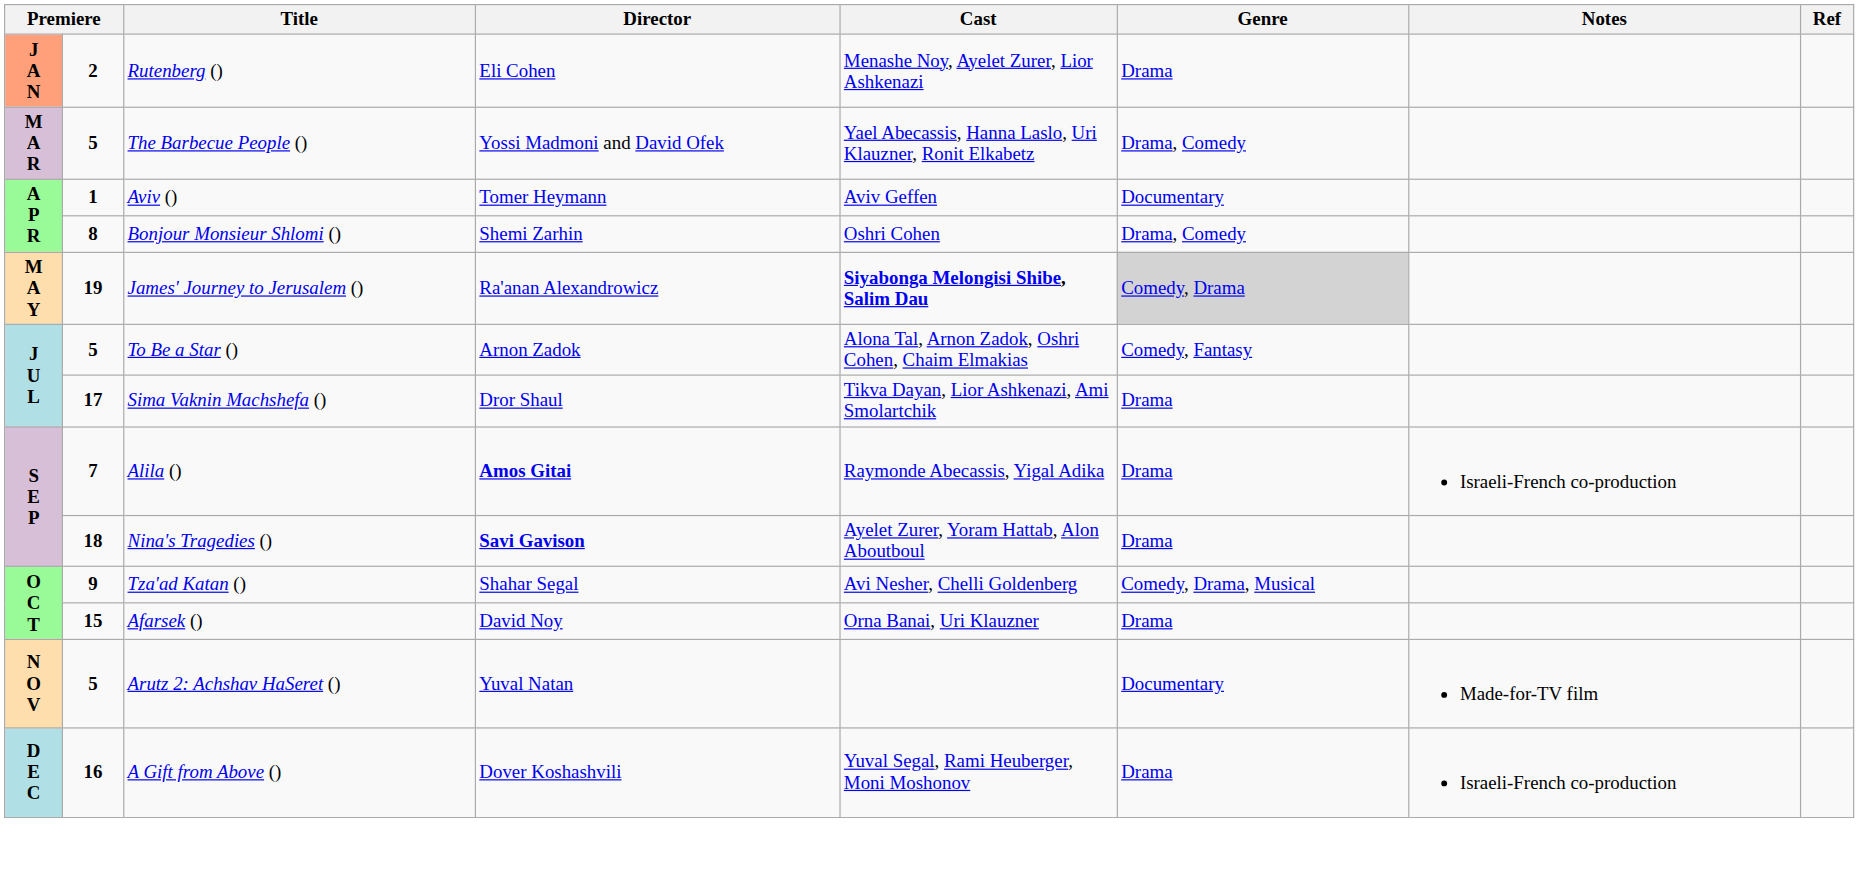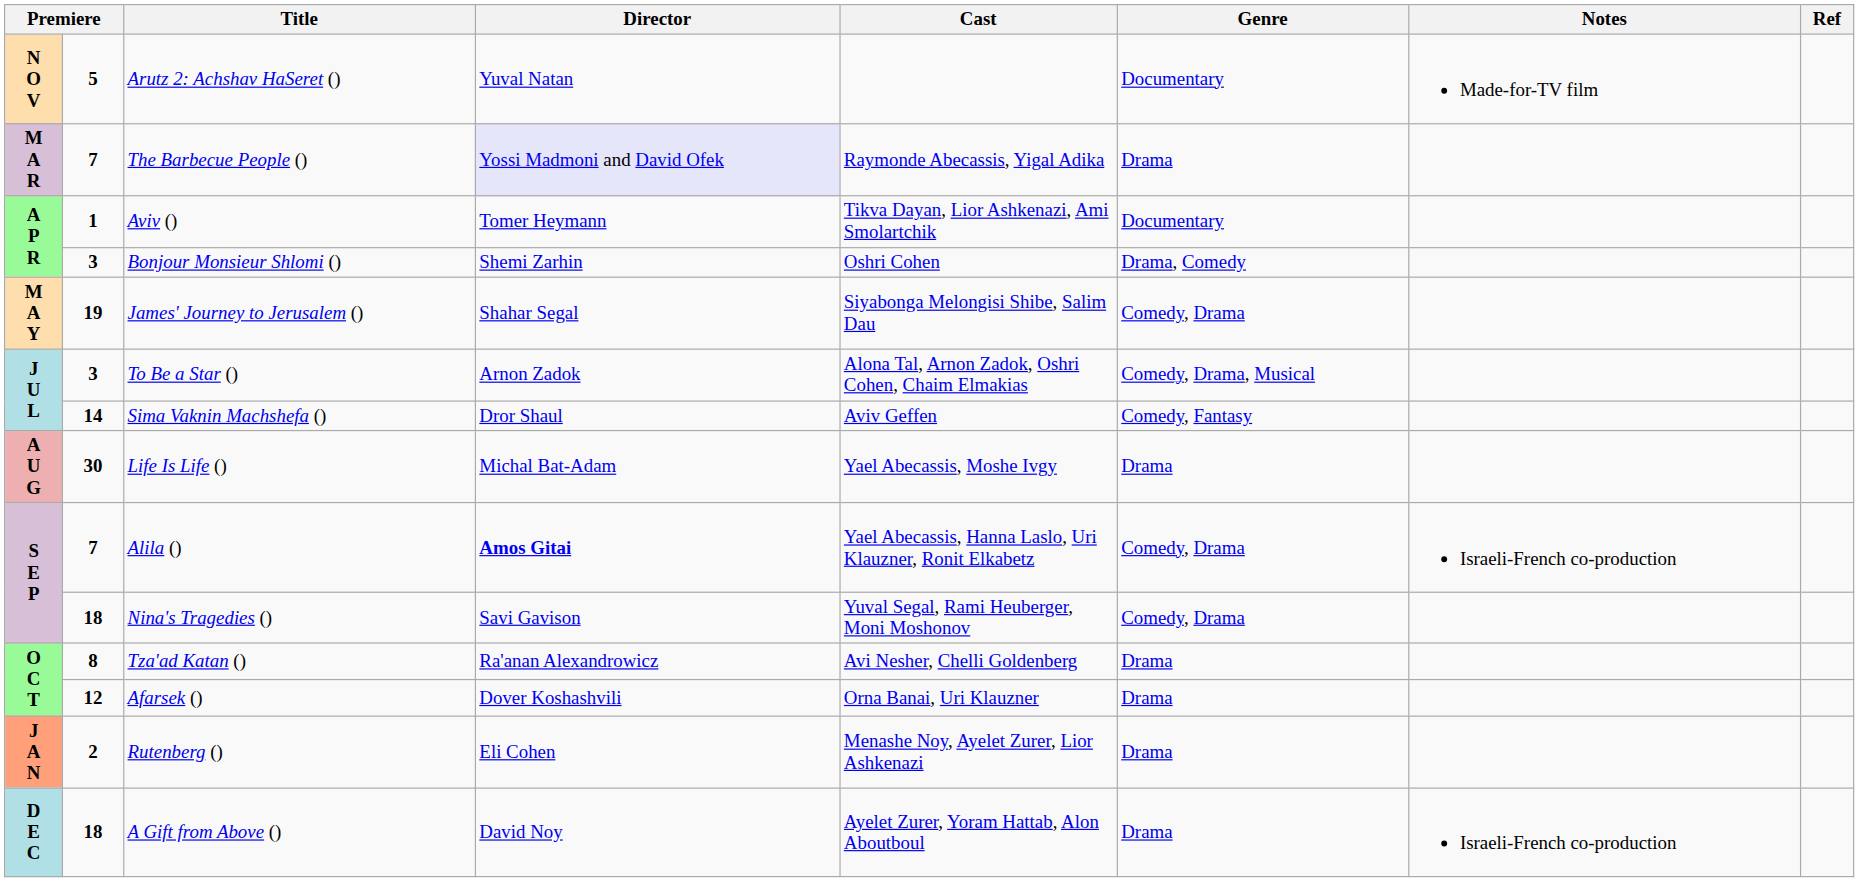 <table class="wikitable">
 <tr>
 <th colspan="2">Premiere</th>
 <th>Title</th>
 <th>Director</th>
 <th width=15%>Cast</th>
 <th>Genre</th>
 <th>Notes</th>
 <th>Ref</th>
+</tr>
+<tr>
+<td rowspan="1" valign="center" align="center" style="background:#FFDEAD; textcolor:#000;"><strong>N<br>O<br>V</strong></td>
+<td rowspan="1" align="center"><strong>5</strong></td>
+<td><em><a href='#'>Arutz 2: Achshav HaSeret</a></em> ()</td>
+<td><a href='#'>Yuval Natan</a></td>
+<td></td>
+<td><a href='#'>Documentary</a></td>
+<td><br><ul><li>Made-for-TV film</li></ul></td>
+<td></td>
+</tr>
+<tr>
+<td rowspan="1" valign="center" align="center" style="background:#D8BFD8; textcolor:#000;"><strong>M<br>A<br>R</strong></td>
+<td rowspan="1" align="center"><strong>7</strong></td>
+<td><em><a href='#'>The Barbecue People</a></em> ()</td>
+<td style="background: lavender;"><a href='#'>Yossi Madmoni</a> and <a href='#'>David Ofek</a></td>
+<td><a href='#'>Raymonde Abecassis</a>, <a href='#'>Yigal Adika</a></td>
+<td><a href='#'>Drama</a></td>
+<td></td>
+<td></td>
+</tr>
+<tr>
+<td rowspan="2" valign="center" align="center" style="background:#98FB98; textcolor:#000;"><strong>A<br>P<br>R</strong></td>
+<td rowspan="1" align="center"><strong>1</strong></td>
+<td><em><a href='#'>Aviv</a></em> ()</td>
+<td><a href='#'>Tomer Heymann</a></td>
+<td><a href='#'>Tikva Dayan</a>, <a href='#'>Lior Ashkenazi</a>, <a href='#'>Ami Smolartchik</a></td>
+<td><a href='#'>Documentary</a></td>
+<td></td>
+<td></td>
+</tr>
+<tr>
+<td rowspan="1" align="center"><strong>3</strong></td>
+<td><em><a href='#'>Bonjour Monsieur Shlomi</a></em> ()</td>
+<td><a href='#'>Shemi Zarhin</a></td>
+<td><a href='#'>Oshri Cohen</a></td>
+<td><a href='#'>Drama</a>, <a href='#'>Comedy</a></td>
+<td></td>
+<td></td>
+</tr>
+<tr>
+<td rowspan="1" valign="center" align="center" style="background:#FFDEAD; textcolor:#000;"><strong>M<br>A<br>Y</strong></td>
+<td rowspan="1" align="center"><strong>19</strong></td>
+<td><em><a href='#'>James' Journey to Jerusalem</a></em> ()</td>
+<td><a href='#'>Shahar Segal</a></td>
+<td><a href='#'>Siyabonga Melongisi Shibe</a>, <a href='#'>Salim Dau</a></td>
+<td><a href='#'>Comedy</a>, <a href='#'>Drama</a></td>
+<td></td>
+<td></td>
+</tr>
+<tr>
+<td rowspan="2" valign="center" align="center" style="background:#B0E0E6; textcolor:#000;"><strong>J<br>U<br>L</strong></td>
+<td rowspan="1" align="center"><strong>3</strong></td>
+<td><em><a href='#'>To Be a Star</a></em> ()</td>
+<td><a href='#'>Arnon Zadok</a></td>
+<td><a href='#'>Alona Tal</a>, <a href='#'>Arnon Zadok</a>, <a href='#'>Oshri Cohen</a>, <a href='#'>Chaim Elmakias</a></td>
+<td><a href='#'>Comedy</a>, <a href='#'>Drama</a>, <a href='#'>Musical</a></td>
+<td></td>
+<td></td>
+</tr>
+<tr>
+<td rowspan="1" align="center"><strong>14</strong></td>
+<td><em><a href='#'>Sima Vaknin Machshefa</a></em> ()</td>
+<td><a href='#'>Dror Shaul</a></td>
+<td><a href='#'>Aviv Geffen</a></td>
+<td><a href='#'>Comedy</a>, <a href='#'>Fantasy</a></td>
+<td></td>
+<td></td>
+</tr>
+<tr>
+<td rowspan="1" valign="center" align="center" style="background:#edafaf; textcolor:#000;"><strong>A<br>U<br>G</strong></td>
+<td rowspan="1" align="center"><strong>30</strong></td>
+<td><em><a href='#'>Life Is Life</a></em> ()</td>
+<td><a href='#'>Michal Bat-Adam</a></td>
+<td><a href='#'>Yael Abecassis</a>, <a href='#'>Moshe Ivgy</a></td>
+<td><a href='#'>Drama</a></td>
+<td></td>
+<td></td>
+</tr>
+<tr>
+<td rowspan="2" valign="center" align="center" style="background:#D8BFD8; textcolor:#000;"><strong>S<br>E<br>P</strong></td>
+<td rowspan="1" align="center"><strong>7</strong></td>
+<td><em><a href='#'>Alila</a></em> ()</td>
+<td><strong><a href='#'>Amos Gitai</a></strong></td>
+<td><a href='#'>Yael Abecassis</a>, <a href='#'>Hanna Laslo</a>, <a href='#'>Uri Klauzner</a>, <a href='#'>Ronit Elkabetz</a></td>
+<td><a href='#'>Comedy</a>, <a href='#'>Drama</a></td>
+<td><br><ul><li>Israeli-French co-production</li></ul></td>
+<td></td>
+</tr>
+<tr>
+<td rowspan="1" align="center"><strong>18</strong></td>
+<td><em><a href='#'>Nina's Tragedies</a></em> ()</td>
+<td><a href='#'>Savi Gavison</a></td>
+<td><a href='#'>Yuval Segal</a>, <a href='#'>Rami Heuberger</a>, <a href='#'>Moni Moshonov</a></td>
+<td><a href='#'>Comedy</a>, <a href='#'>Drama</a></td>
+<td></td>
+<td></td>
+</tr>
+<tr>
+<td rowspan="2" valign="center" align="center" style="background:#98FB98; textcolor:#000;"><strong>O<br>C<br>T</strong></td>
+<td rowspan="1" align="center"><strong>8</strong></td>
+<td><em><a href='#'>Tza'ad Katan</a></em> ()</td>
+<td><a href='#'>Ra'anan Alexandrowicz</a></td>
+<td><a href='#'>Avi Nesher</a>, <a href='#'>Chelli Goldenberg</a></td>
+<td><a href='#'>Drama</a></td>
+<td></td>
+<td></td>
+</tr>
+<tr>
+<td rowspan="1" align="center"><strong>12</strong></td>
+<td><em><a href='#'>Afarsek</a></em> ()</td>
+<td><a href='#'>Dover Koshashvili</a></td>
+<td><a href='#'>Orna Banai</a>, <a href='#'>Uri Klauzner</a></td>
+<td><a href='#'>Drama</a></td>
+<td></td>
+<td></td>
 </tr>
 <tr>
 <td rowspan="1" valign="center" align="center" style="background:#FFA07A; textcolor:#000;"><strong>J<br>A<br>N</strong></td>
 <td rowspan="1" align="center"><strong>2</strong></td>
 <td><em><a href='#'>Rutenberg</a></em> ()</td>
 <td><a href='#'>Eli Cohen</a></td>
 <td><a href='#'>Menashe Noy</a>, <a href='#'>Ayelet Zurer</a>, <a href='#'>Lior Ashkenazi</a></td>
 <td><a href='#'>Drama</a></td>
 <td></td>
 <td></td>
 </tr>
 <tr>
-<td rowspan="1" valign="center" align="center" style="background:#D8BFD8; textcolor:#000;"><strong>M<br>A<br>R</strong></td>
-<td rowspan="1" align="center"><strong>5</strong></td>
-<td><em><a href='#'>The Barbecue People</a></em> ()</td>
-<td><a href='#'>Yossi Madmoni</a> and <a href='#'>David Ofek</a></td>
-<td><a href='#'>Yael Abecassis</a>, <a href='#'>Hanna Laslo</a>, <a href='#'>Uri Klauzner</a>, <a href='#'>Ronit Elkabetz</a></td>
-<td><a href='#'>Drama</a>, <a href='#'>Comedy</a></td>
-<td></td>
-<td></td>
-</tr>
-<tr>
-<td rowspan="2" valign="center" align="center" style="background:#98FB98; textcolor:#000;"><strong>A<br>P<br>R</strong></td>
-<td rowspan="1" align="center"><strong>1</strong></td>
-<td><em><a href='#'>Aviv</a></em> ()</td>
-<td><a href='#'>Tomer Heymann</a></td>
-<td><a href='#'>Aviv Geffen</a></td>
-<td><a href='#'>Documentary</a></td>
-<td></td>
-<td></td>
-</tr>
-<tr>
-<td rowspan="1" align="center"><strong>8</strong></td>
-<td><em><a href='#'>Bonjour Monsieur Shlomi</a></em> ()</td>
-<td><a href='#'>Shemi Zarhin</a></td>
-<td><a href='#'>Oshri Cohen</a></td>
-<td><a href='#'>Drama</a>, <a href='#'>Comedy</a></td>
-<td></td>
-<td></td>
-</tr>
-<tr>
-<td rowspan="1" valign="center" align="center" style="background:#FFDEAD; textcolor:#000;"><strong>M<br>A<br>Y</strong></td>
-<td rowspan="1" align="center"><strong>19</strong></td>
-<td><em><a href='#'>James' Journey to Jerusalem</a></em> ()</td>
-<td><a href='#'>Ra'anan Alexandrowicz</a></td>
-<td><strong><a href='#'>Siyabonga Melongisi Shibe</a>, <a href='#'>Salim Dau</a></strong></td>
-<td style="background: lightgrey;"><a href='#'>Comedy</a>, <a href='#'>Drama</a></td>
-<td></td>
-<td></td>
-</tr>
-<tr>
-<td rowspan="2" valign="center" align="center" style="background:#B0E0E6; textcolor:#000;"><strong>J<br>U<br>L</strong></td>
-<td rowspan="1" align="center"><strong>5</strong></td>
-<td><em><a href='#'>To Be a Star</a></em> ()</td>
-<td><a href='#'>Arnon Zadok</a></td>
-<td><a href='#'>Alona Tal</a>, <a href='#'>Arnon Zadok</a>, <a href='#'>Oshri Cohen</a>, <a href='#'>Chaim Elmakias</a></td>
-<td><a href='#'>Comedy</a>, <a href='#'>Fantasy</a></td>
-<td></td>
-<td></td>
-</tr>
-<tr>
-<td rowspan="1" align="center"><strong>17</strong></td>
-<td><em><a href='#'>Sima Vaknin Machshefa</a></em> ()</td>
-<td><a href='#'>Dror Shaul</a></td>
-<td><a href='#'>Tikva Dayan</a>, <a href='#'>Lior Ashkenazi</a>, <a href='#'>Ami Smolartchik</a></td>
-<td><a href='#'>Drama</a></td>
-<td></td>
-<td></td>
-</tr>
-<tr>
-<td rowspan="2" valign="center" align="center" style="background:#D8BFD8; textcolor:#000;"><strong>S<br>E<br>P</strong></td>
-<td rowspan="1" align="center"><strong>7</strong></td>
-<td><em><a href='#'>Alila</a></em> ()</td>
-<td><strong><a href='#'>Amos Gitai</a></strong></td>
-<td><a href='#'>Raymonde Abecassis</a>, <a href='#'>Yigal Adika</a></td>
-<td><a href='#'>Drama</a></td>
-<td><br><ul><li>Israeli-French co-production</li></ul></td>
-<td></td>
-</tr>
-<tr>
+<td rowspan="1" valign="center" align="center" style="background:#B0E0E6; textcolor:#000;"><strong>D<br>E<br>C</strong></td>
 <td rowspan="1" align="center"><strong>18</strong></td>
-<td><em><a href='#'>Nina's Tragedies</a></em> ()</td>
-<td><strong><a href='#'>Savi Gavison</a></strong></td>
+<td><em><a href='#'>A Gift from Above</a></em> ()</td>
+<td><a href='#'>David Noy</a></td>
 <td><a href='#'>Ayelet Zurer</a>, <a href='#'>Yoram Hattab</a>, <a href='#'>Alon Aboutboul</a></td>
-<td><a href='#'>Drama</a></td>
-<td></td>
-<td></td>
-</tr>
-<tr>
-<td rowspan="2" valign="center" align="center" style="background:#98FB98; textcolor:#000;"><strong>O<br>C<br>T</strong></td>
-<td rowspan="1" align="center"><strong>9</strong></td>
-<td><em><a href='#'>Tza'ad Katan</a></em> ()</td>
-<td><a href='#'>Shahar Segal</a></td>
-<td><a href='#'>Avi Nesher</a>, <a href='#'>Chelli Goldenberg</a></td>
-<td><a href='#'>Comedy</a>, <a href='#'>Drama</a>, <a href='#'>Musical</a></td>
-<td></td>
-<td></td>
-</tr>
-<tr>
-<td rowspan="1" align="center"><strong>15</strong></td>
-<td><em><a href='#'>Afarsek</a></em> ()</td>
-<td><a href='#'>David Noy</a></td>
-<td><a href='#'>Orna Banai</a>, <a href='#'>Uri Klauzner</a></td>
-<td><a href='#'>Drama</a></td>
-<td></td>
-<td></td>
-</tr>
-<tr>
-<td rowspan="1" valign="center" align="center" style="background:#FFDEAD; textcolor:#000;"><strong>N<br>O<br>V</strong></td>
-<td rowspan="1" align="center"><strong>5</strong></td>
-<td><em><a href='#'>Arutz 2: Achshav HaSeret</a></em> ()</td>
-<td><a href='#'>Yuval Natan</a></td>
-<td></td>
-<td><a href='#'>Documentary</a></td>
-<td><br><ul><li>Made-for-TV film</li></ul></td>
-<td></td>
-</tr>
-<tr>
-<td rowspan="1" valign="center" align="center" style="background:#B0E0E6; textcolor:#000;"><strong>D<br>E<br>C</strong></td>
-<td rowspan="1" align="center"><strong>16</strong></td>
-<td><em><a href='#'>A Gift from Above</a></em> ()</td>
-<td><a href='#'>Dover Koshashvili</a></td>
-<td><a href='#'>Yuval Segal</a>, <a href='#'>Rami Heuberger</a>, <a href='#'>Moni Moshonov</a></td>
 <td><a href='#'>Drama</a></td>
 <td><br><ul><li>Israeli-French co-production</li></ul></td>
 <td></td>
 </tr>
 </table>
